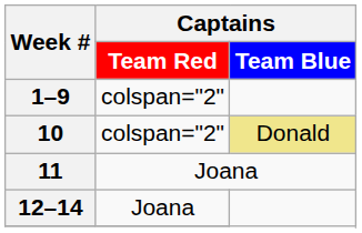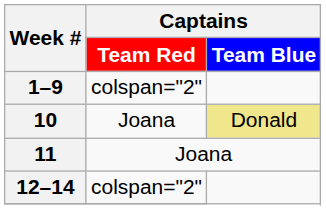 <table class="wikitable " style="text-align:center;">
 <tr>
 <th rowspan="2">Week #</th>
 <th colspan="2">Captains</th>
 </tr>
 <tr>
 <th style="background: Red; color: white; text-align: center;">Team Red</th>
 <th style="background: Blue; color: white; text-align: center;">Team Blue</th>
 </tr>
 <tr>
 <th>1–9</th>
 <td>colspan="2" </td>
 </tr>
 <tr>
 <th>10</th>
-<td>colspan="2" </td>
+<td>Joana</td>
 <td style="background: khaki;">Donald</td>
 </tr>
 <tr>
 <th>11</th>
 <td colspan="2">Joana</td>
 </tr>
 <tr>
 <th>12–14</th>
-<td>Joana</td>
+<td>colspan="2" </td>
 </tr>
 <tr>
 </tr>
 </table>
